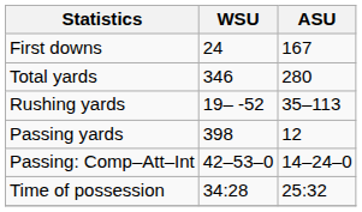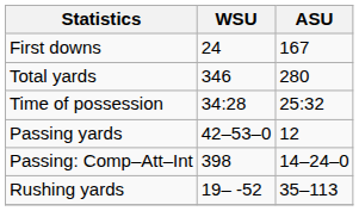 <table class="wikitable" style="float: left;">
 <tr>
 <th>Statistics</th>
 <th>WSU</th>
 <th>ASU</th>
 </tr>
 <tr>
 <td>First downs</td>
 <td>24</td>
 <td>167</td>
 </tr>
 <tr>
 <td>Total yards</td>
 <td>346</td>
 <td>280</td>
 </tr>
 <tr>
+<td>Time of possession</td>
+<td>34:28</td>
+<td>25:32</td>
+</tr>
+<tr>
+<td>Passing yards</td>
+<td>42–53–0</td>
+<td>12</td>
+</tr>
+<tr>
+<td>Passing: Comp–Att–Int</td>
+<td>398</td>
+<td>14–24–0</td>
+</tr>
+<tr>
 <td>Rushing yards</td>
 <td>19– -52</td>
 <td>35–113</td>
 </tr>
 <tr>
-<td>Passing yards</td>
-<td>398</td>
-<td>12</td>
-</tr>
-<tr>
-<td>Passing: Comp–Att–Int</td>
-<td>42–53–0</td>
-<td>14–24–0</td>
-</tr>
-<tr>
-<td>Time of possession</td>
-<td>34:28</td>
-<td>25:32</td>
-</tr>
-<tr>
 </tr>
 </table>
